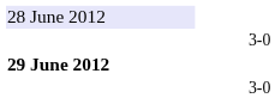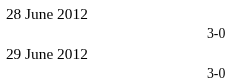 <table style="width:50%;" cellspacing="1">
 <tr>
 <th width=15%></th>
 <th width=10%></th>
 <th width=15%></th>
 </tr>
 <tr>
-<td style="background: lavender;">28 June 2012</td>
+<td>28 June 2012</td>
 </tr>
 <tr style=font-size:90%>
 <td align=right></td>
 <td align=center>3-0</td>
 <td></td>
 </tr>
 <tr>
-<td><strong>29 June 2012</strong></td>
+<td>29 June 2012</td>
 </tr>
 <tr style=font-size:90%>
 <td align=right></td>
 <td align=center>3-0</td>
 <td></td>
 </tr>
 </table>
